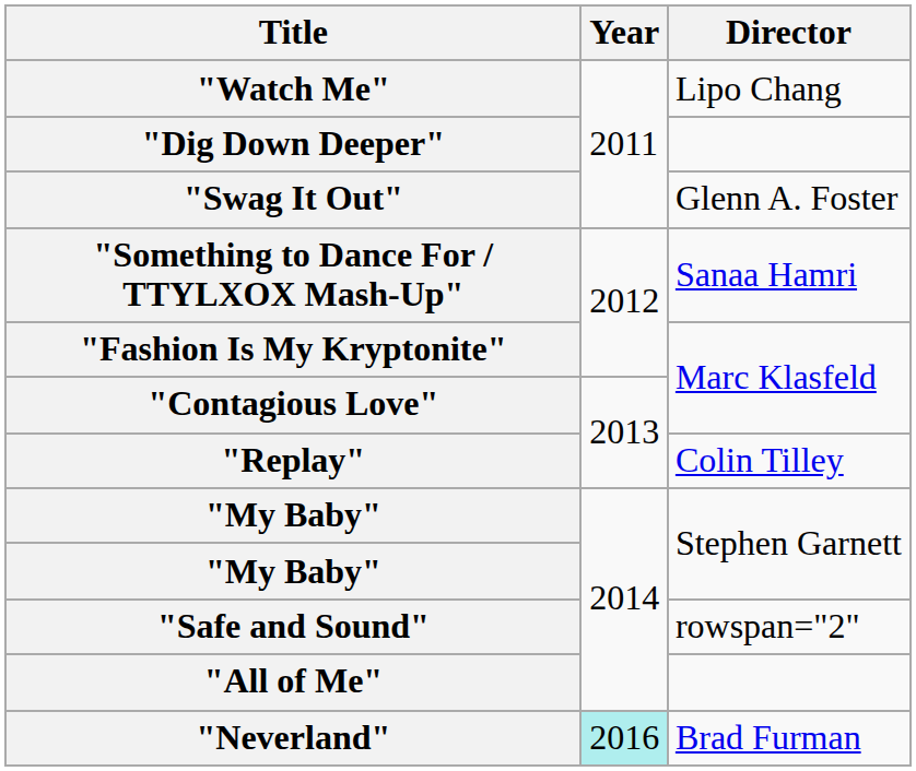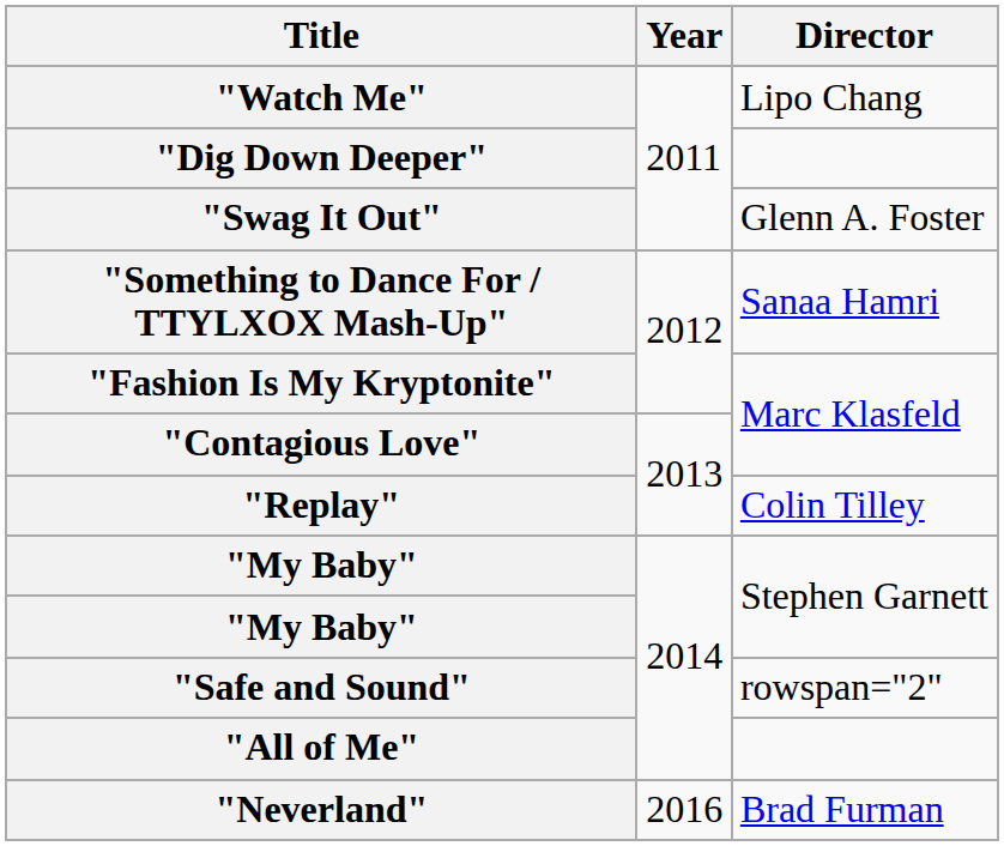 <table class="wikitable plainrowheaders">
 <tr>
 <th scope="col" style="width:16em;">Title</th>
 <th scope="col">Year</th>
 <th scope="col">Director</th>
 </tr>
 <tr>
 <th scope="row">"Watch Me"</th>
 <td rowspan="3">2011</td>
 <td>Lipo Chang</td>
 </tr>
 <tr>
 <th scope="row">"Dig Down Deeper"</th>
 <td></td>
 </tr>
 <tr>
 <th scope="row">"Swag It Out"</th>
 <td>Glenn A. Foster</td>
 </tr>
 <tr>
 <th scope="row">"Something to Dance For / TTYLXOX Mash-Up"</th>
 <td rowspan="2">2012</td>
 <td><a href='#'>Sanaa Hamri</a></td>
 </tr>
 <tr>
 <th scope="row">"Fashion Is My Kryptonite"</th>
 <td rowspan="2"><a href='#'>Marc Klasfeld</a></td>
 </tr>
 <tr>
 <th scope="row">"Contagious Love"</th>
 <td rowspan="2">2013</td>
 </tr>
 <tr>
 <th scope="row">"Replay"</th>
 <td><a href='#'>Colin Tilley</a></td>
 </tr>
 <tr>
 <th scope="row">"My Baby"</th>
 <td rowspan="4">2014</td>
 <td rowspan="2">Stephen Garnett</td>
 </tr>
 <tr>
 <th scope="row">"My Baby" </th>
 </tr>
 <tr>
 <th scope="row">"Safe and Sound"</th>
 <td>rowspan="2" </td>
 </tr>
 <tr>
 <th scope="row">"All of Me"</th>
 </tr>
 <tr>
 <th scope="row">"Neverland"</th>
-<td style="background: paleturquoise;">2016</td>
+<td>2016</td>
 <td><a href='#'>Brad Furman</a></td>
 </tr>
 </table>
